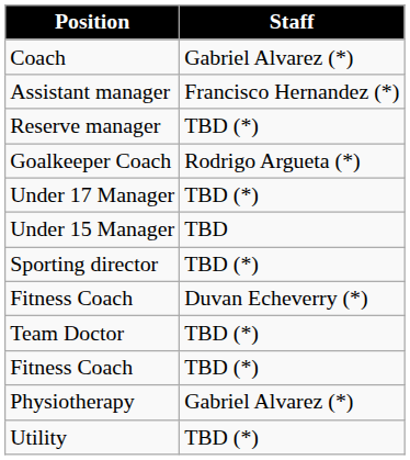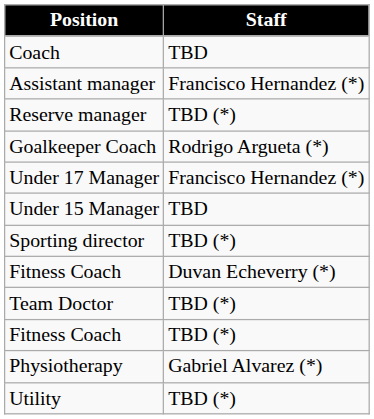 <table class="wikitable">
 <tr>
 <th style="color:White; background:#000000;;">Position</th>
 <th style="color:White; background:#000000;;">Staff</th>
 </tr>
 <tr>
 <td>Coach</td>
-<td> Gabriel Alvarez (*)</td>
+<td> TBD</td>
 </tr>
 <tr>
 <td>Assistant manager</td>
 <td> Francisco Hernandez (*)</td>
 </tr>
 <tr>
 <td>Reserve manager</td>
 <td> TBD (*)</td>
 </tr>
 <tr>
 <td>Goalkeeper Coach</td>
 <td> Rodrigo Argueta (*)</td>
 </tr>
 <tr>
 <td>Under 17 Manager</td>
-<td> TBD (*)</td>
+<td> Francisco Hernandez (*)</td>
 </tr>
 <tr>
 <td>Under 15 Manager</td>
 <td> TBD</td>
 </tr>
 <tr>
 <td>Sporting director</td>
 <td> TBD (*)</td>
 </tr>
 <tr>
 <td>Fitness Coach</td>
 <td> Duvan Echeverry (*)</td>
 </tr>
 <tr>
 <td>Team Doctor</td>
 <td> TBD (*)</td>
 </tr>
 <tr>
 <td>Fitness Coach</td>
 <td> TBD (*)</td>
 </tr>
 <tr>
 <td>Physiotherapy</td>
 <td> Gabriel Alvarez (*)</td>
 </tr>
 <tr>
 <td>Utility</td>
 <td> TBD (*)</td>
 </tr>
 </table>
